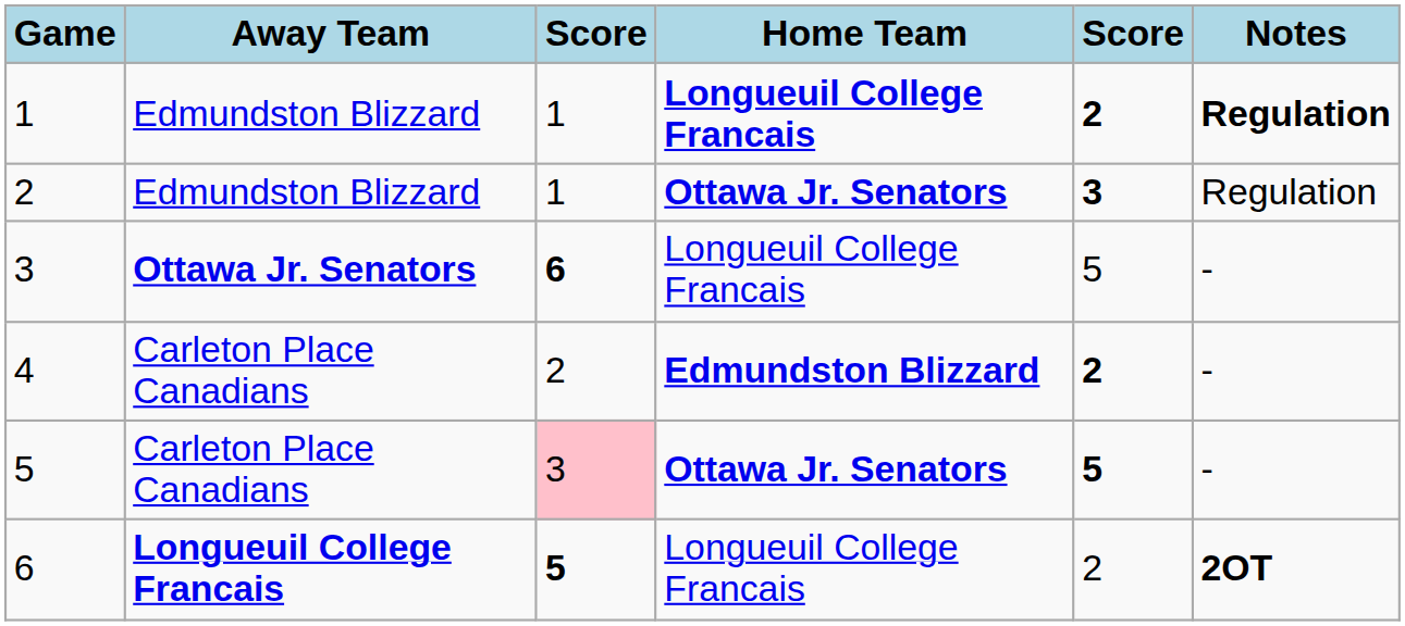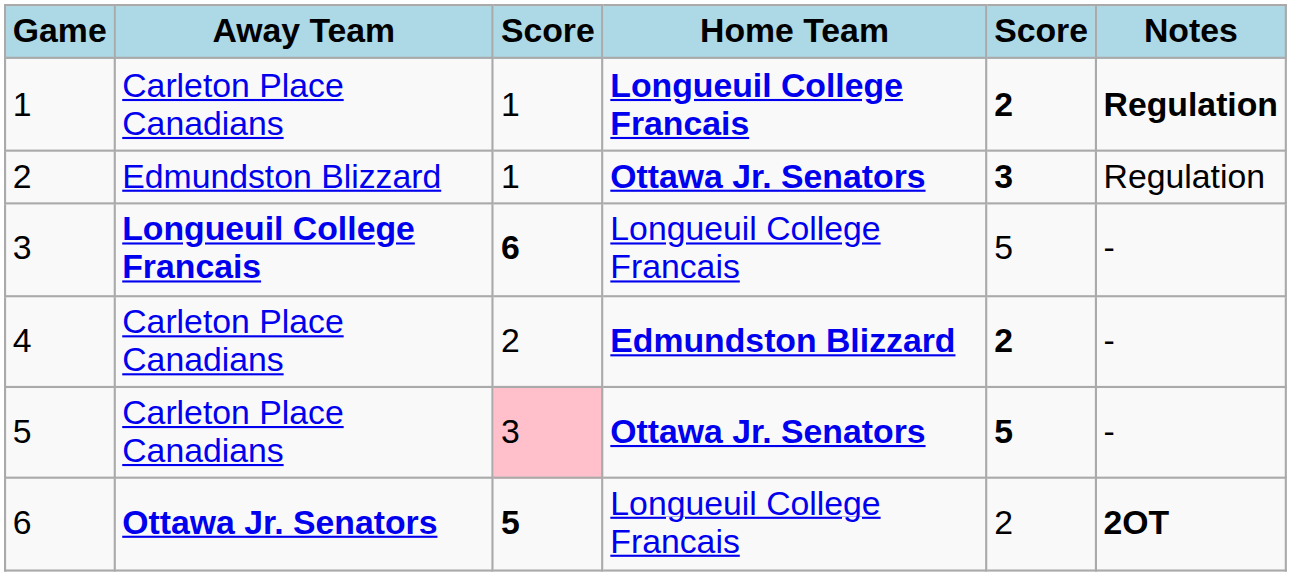 <table class="wikitable">
 <tr>
 <th style="background:lightblue;">Game</th>
 <th style="background:lightblue;">Away Team</th>
 <th style="background:lightblue;">Score</th>
 <th style="background:lightblue;">Home Team</th>
 <th style="background:lightblue;">Score</th>
 <th style="background:lightblue;">Notes</th>
 </tr>
 <tr>
 <td>1</td>
-<td><a href='#'>Edmundston Blizzard</a></td>
+<td><a href='#'>Carleton Place Canadians</a></td>
 <td>1</td>
 <td><strong><a href='#'>Longueuil College Francais</a></strong></td>
 <td><strong>2</strong></td>
 <td><strong>Regulation</strong></td>
 </tr>
 <tr>
 <td>2</td>
 <td><a href='#'>Edmundston Blizzard</a></td>
 <td>1</td>
 <td><strong><a href='#'>Ottawa Jr. Senators</a></strong></td>
 <td><strong>3</strong></td>
 <td>Regulation</td>
 </tr>
 <tr>
 <td>3</td>
-<td><strong><a href='#'>Ottawa Jr. Senators</a></strong></td>
+<td><strong><a href='#'>Longueuil College Francais</a></strong></td>
 <td><strong>6</strong></td>
 <td><a href='#'>Longueuil College Francais</a></td>
 <td>5</td>
 <td>-</td>
 </tr>
 <tr>
 <td>4</td>
 <td><a href='#'>Carleton Place Canadians</a></td>
 <td>2</td>
 <td><strong><a href='#'>Edmundston Blizzard</a></strong></td>
 <td><strong>2</strong></td>
 <td>-</td>
 </tr>
 <tr>
 <td>5</td>
 <td><a href='#'>Carleton Place Canadians</a></td>
 <td style="background: pink;">3</td>
 <td><strong><a href='#'>Ottawa Jr. Senators</a></strong></td>
 <td><strong>5</strong></td>
 <td>-</td>
 </tr>
 <tr>
 <td>6</td>
-<td><strong><a href='#'>Longueuil College Francais</a></strong></td>
+<td><strong><a href='#'>Ottawa Jr. Senators</a></strong></td>
 <td><strong>5</strong></td>
 <td><a href='#'>Longueuil College Francais</a></td>
 <td>2</td>
 <td><strong>2OT</strong></td>
 </tr>
 </table>
